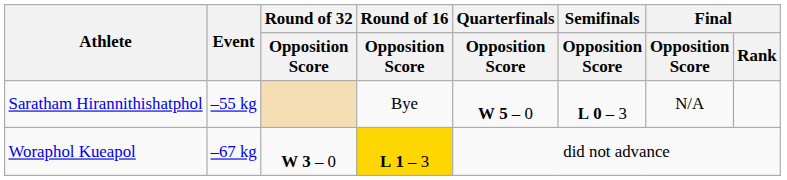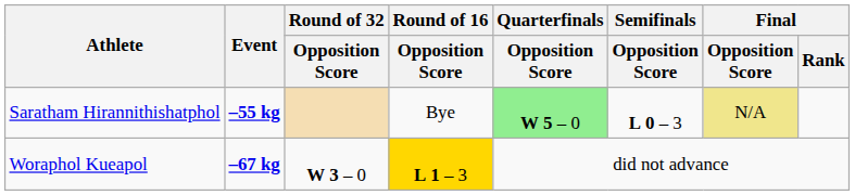 <table class=wikitable style="font-size:90%; text-align:center">
 <tr>
 <th rowspan="2">Athlete</th>
 <th rowspan="2">Event</th>
 <th>Round of 32</th>
 <th>Round of 16</th>
 <th>Quarterfinals</th>
 <th>Semifinals</th>
 <th colspan="2">Final</th>
 </tr>
 <tr>
 <th>Opposition<br>Score</th>
 <th>Opposition<br>Score</th>
 <th>Opposition<br>Score</th>
 <th>Opposition<br>Score</th>
 <th>Opposition<br>Score</th>
 <th>Rank</th>
 </tr>
 <tr>
 <td align=left><a href='#'>Saratham Hirannithishatphol</a></td>
-<td><a href='#'>–55 kg</a></td>
+<td><strong><a href='#'>–55 kg</a></strong></td>
 <td bgcolor=wheat></td>
 <td>Bye</td>
-<td><br><strong>W</strong> <strong>5</strong> – 0</td>
+<td style="background: lightgreen;"><br><strong>W</strong> <strong>5</strong> – 0</td>
 <td><br><strong>L</strong> <strong>0</strong> – 3</td>
-<td>N/A</td>
+<td style="background: khaki;">N/A</td>
 <td></td>
 </tr>
 <tr>
 <td align=left><a href='#'>Woraphol Kueapol</a></td>
-<td><a href='#'>–67 kg</a></td>
+<td><strong><a href='#'>–67 kg</a></strong></td>
 <td><br><strong>W</strong> <strong>3</strong> – 0</td>
 <td style="background: gold;"><br><strong>L</strong> <strong>1</strong> – 3</td>
 <td colspan=4>did not advance</td>
 </tr>
 </table>
